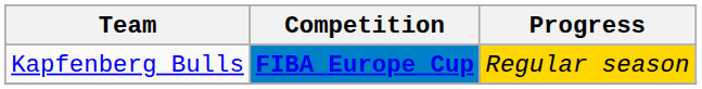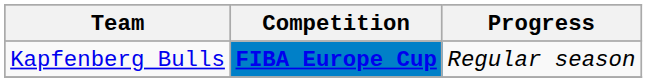 <table class="wikitable sortable">
 <tr>
 <th>Team</th>
 <th>Competition</th>
 <th>Progress</th>
 </tr>
 <tr>
 <td rowspan=1><a href='#'>Kapfenberg Bulls</a></td>
 <td style="background-color:#0080C8;color:white;text-align:center"><strong><a href='#'><span>FIBA Europe Cup</span></a></strong></td>
-<td style="background: gold;"><em>Regular season</em></td>
+<td><em>Regular season</em></td>
 </tr>
 <tr>
 </tr>
 </table>
